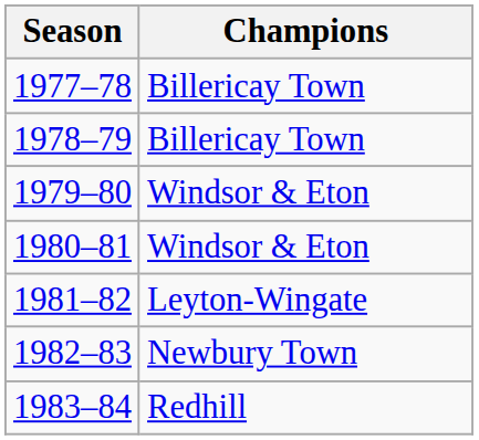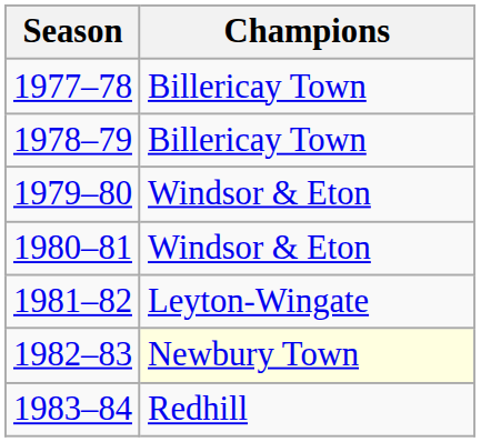 <table class=wikitable>
 <tr>
 <th>Season</th>
 <th width=150>Champions</th>
 </tr>
 <tr>
 <td><a href='#'>1977–78</a></td>
 <td><a href='#'>Billericay Town</a></td>
 </tr>
 <tr>
 <td><a href='#'>1978–79</a></td>
 <td><a href='#'>Billericay Town</a></td>
 </tr>
 <tr>
 <td><a href='#'>1979–80</a></td>
 <td><a href='#'>Windsor & Eton</a></td>
 </tr>
 <tr>
 <td><a href='#'>1980–81</a></td>
 <td><a href='#'>Windsor & Eton</a></td>
 </tr>
 <tr>
 <td><a href='#'>1981–82</a></td>
 <td><a href='#'>Leyton-Wingate</a></td>
 </tr>
 <tr>
 <td><a href='#'>1982–83</a></td>
-<td><a href='#'>Newbury Town</a></td>
+<td style="background: lightyellow;"><a href='#'>Newbury Town</a></td>
 </tr>
 <tr>
 <td><a href='#'>1983–84</a></td>
 <td><a href='#'>Redhill</a></td>
 </tr>
 </table>
